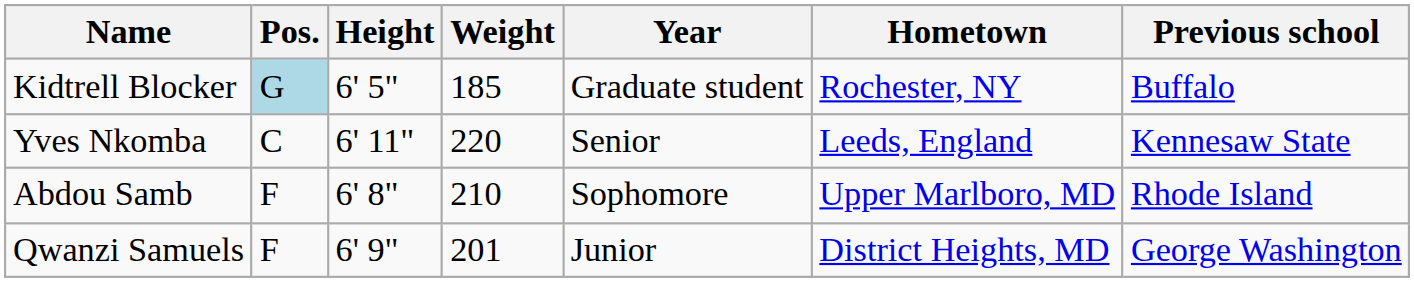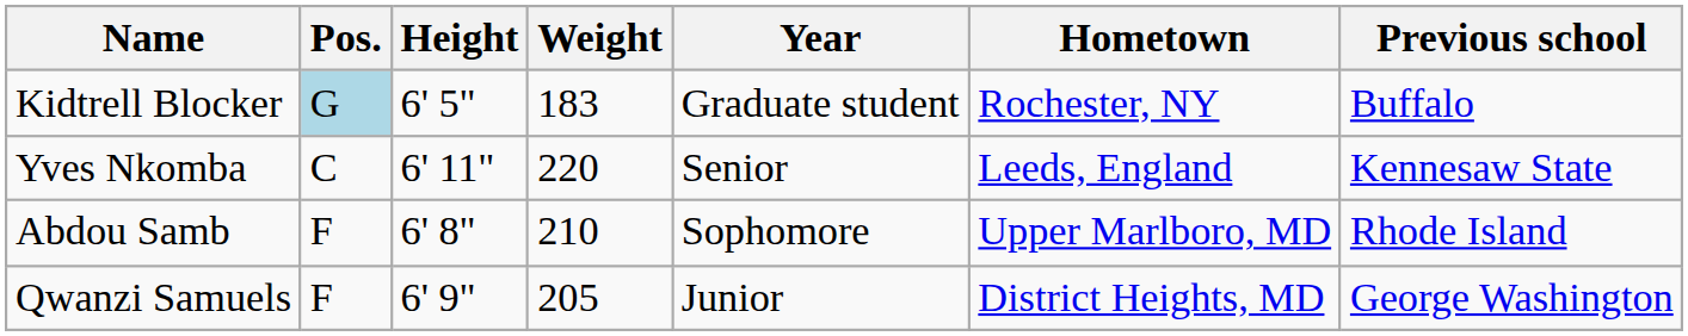 <table class="wikitable sortable" border="1">
 <tr align=center>
 <th>Name</th>
 <th>Pos.</th>
 <th>Height</th>
 <th>Weight</th>
 <th>Year</th>
 <th>Hometown</th>
 <th>Previous school</th>
 </tr>
 <tr>
 <td>Kidtrell Blocker</td>
 <td style="background: lightblue;">G</td>
 <td>6' 5"</td>
-<td>185</td>
+<td>183</td>
 <td>Graduate student</td>
 <td><a href='#'>Rochester, NY</a></td>
 <td><a href='#'>Buffalo</a></td>
 </tr>
 <tr>
 <td>Yves Nkomba</td>
 <td>C</td>
 <td>6' 11"</td>
 <td>220</td>
 <td>Senior</td>
 <td><a href='#'>Leeds, England</a></td>
 <td><a href='#'>Kennesaw State</a></td>
 </tr>
 <tr>
 <td>Abdou Samb</td>
 <td>F</td>
 <td>6' 8"</td>
 <td>210</td>
 <td>Sophomore</td>
 <td><a href='#'>Upper Marlboro, MD</a></td>
 <td><a href='#'>Rhode Island</a></td>
 </tr>
 <tr>
 <td>Qwanzi Samuels</td>
 <td>F</td>
 <td>6' 9"</td>
-<td>201</td>
+<td>205</td>
 <td>Junior</td>
 <td><a href='#'>District Heights, MD</a></td>
 <td><a href='#'>George Washington</a></td>
 </tr>
 </table>
